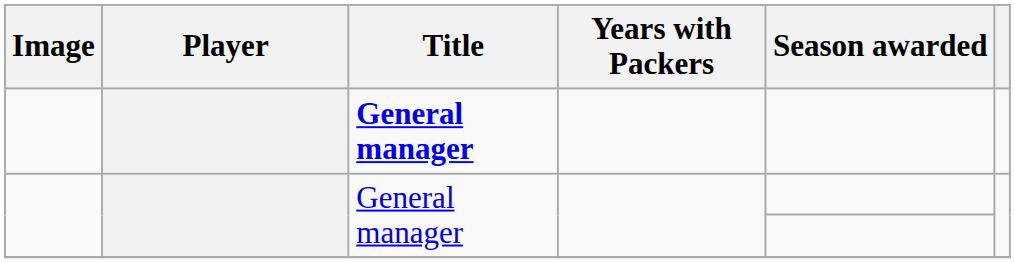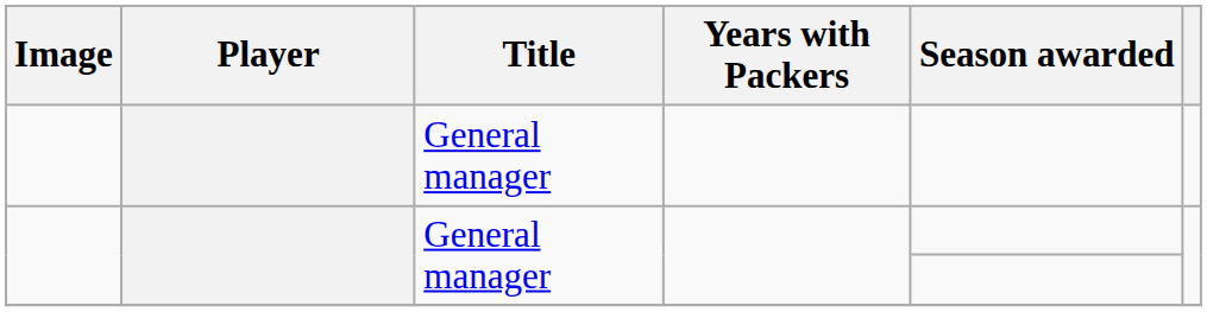 <table class="wikitable sortable" style="text-align: center;">
 <tr>
 <th scope="col" class="unsortable">Image</th>
 <th scope="col" width=120px>Player</th>
 <th scope="col" width=100px>Title</th>
 <th scope="col" width=100px>Years with Packers</th>
 <th scope="col">Season awarded</th>
 <th scope="col" class="unsortable"></th>
 </tr>
 <tr>
 <td></td>
 <th scope="row" style="text-align: left;"></th>
-<td style="text-align: left;"><strong><a href='#'>General manager</a></strong></td>
+<td style="text-align: left;"><a href='#'>General manager</a></td>
 <td></td>
 <td> </td>
 <td></td>
 </tr>
 <tr>
 <td rowspan="2"></td>
 <th scope="row" style="text-align: left;" rowspan="2"></th>
 <td style="text-align: left;" rowspan="2"><a href='#'>General manager</a></td>
 <td rowspan="2"><br></td>
 <td> </td>
 <td rowspan="2"></td>
 </tr>
 <tr>
 <td> </td>
 </tr>
 <tr>
 </tr>
 </table>
